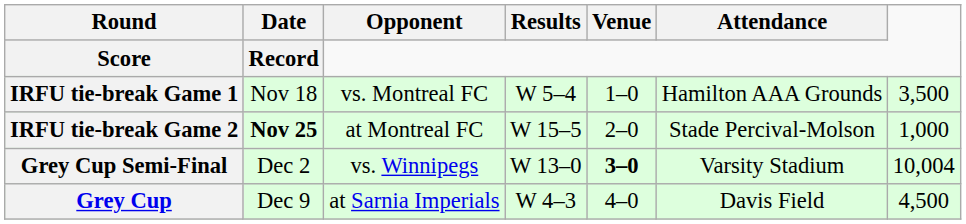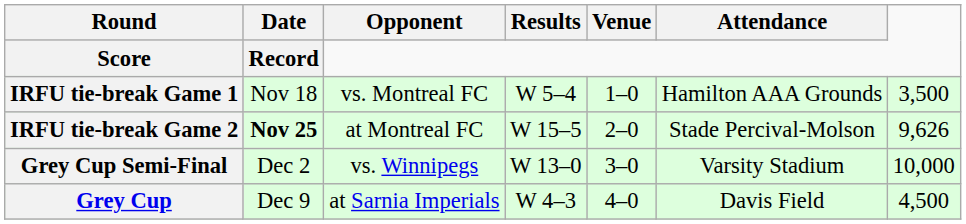 <table class="wikitable" style="text-align:center">
 <tr>
 <th>Round</th>
 <th>Date</th>
 <th>Opponent</th>
 <th>Results</th>
 <th>Venue</th>
 <th>Attendance</th>
 </tr>
 <tr>
 <th>Score</th>
 <th>Record</th>
 </tr>
 <tr style="background:#ddffdd">
 <th>IRFU tie-break Game 1</th>
 <td>Nov 18</td>
 <td>vs. Montreal FC</td>
 <td>W 5–4</td>
 <td>1–0</td>
 <td>Hamilton AAA Grounds</td>
 <td>3,500</td>
 </tr>
 <tr style="background:#ddffdd">
 <th>IRFU tie-break Game 2</th>
 <td><strong>Nov 25</strong></td>
 <td>at Montreal FC</td>
 <td>W 15–5</td>
 <td>2–0</td>
 <td>Stade Percival-Molson</td>
-<td>1,000</td>
+<td>9,626</td>
 </tr>
 <tr style="background:#ddffdd">
 <th>Grey Cup Semi-Final</th>
 <td>Dec 2</td>
 <td>vs. <a href='#'>Winnipegs</a></td>
 <td>W 13–0</td>
-<td><strong>3–0</strong></td>
+<td>3–0</td>
 <td>Varsity Stadium</td>
-<td>10,004</td>
+<td>10,000</td>
 </tr>
 <tr style="background:#ddffdd">
 <th><a href='#'>Grey Cup</a></th>
 <td>Dec 9</td>
 <td>at <a href='#'>Sarnia Imperials</a></td>
 <td>W 4–3</td>
 <td>4–0</td>
 <td>Davis Field</td>
 <td>4,500</td>
 </tr>
 </table>
